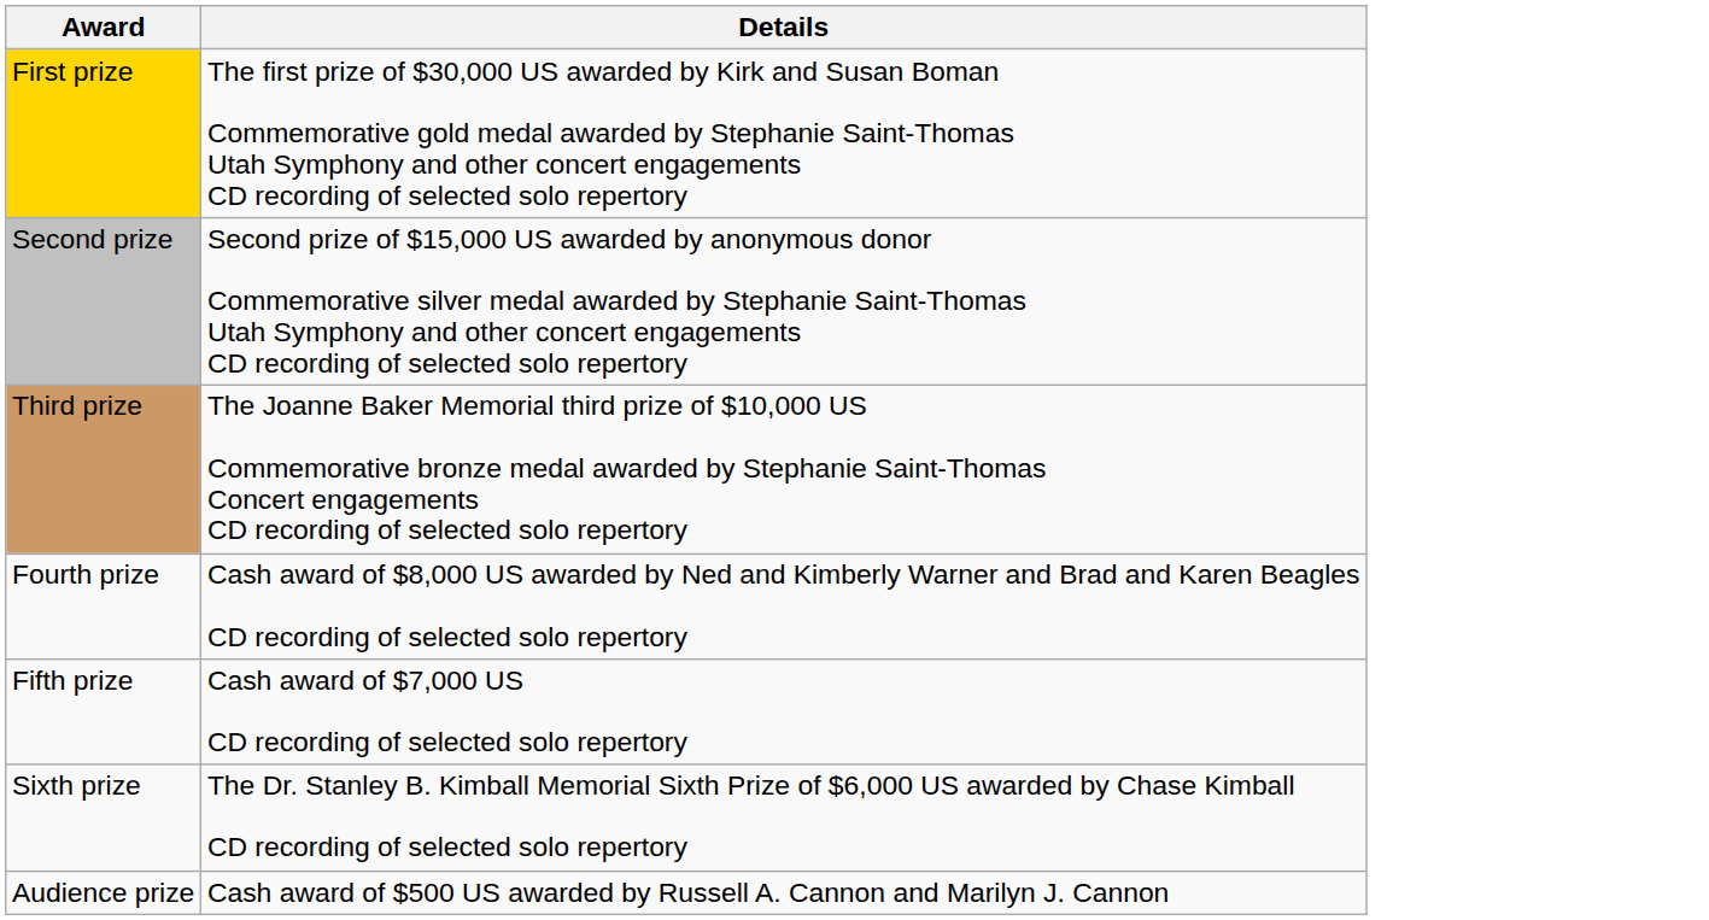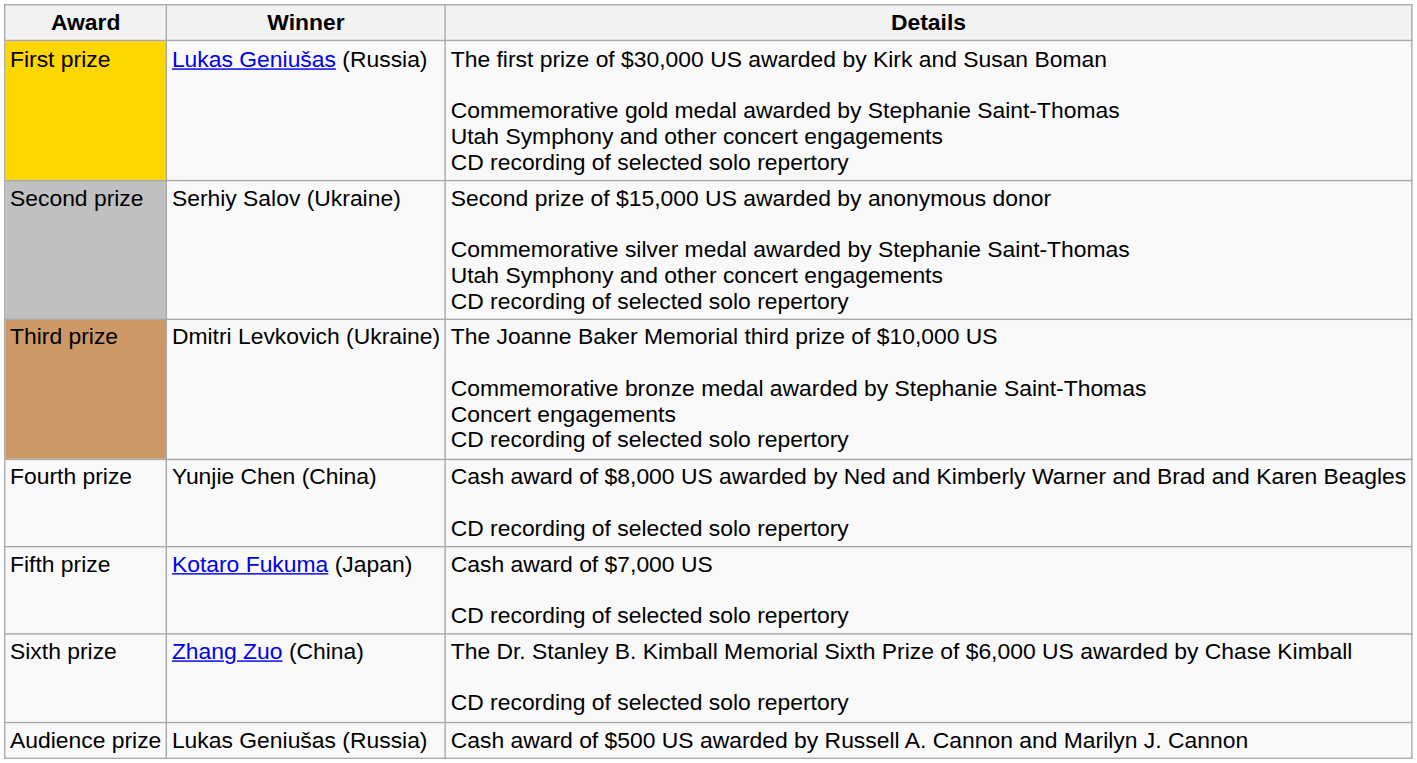 <table class="wikitable">
 <tr>
 <th>Award</th>
+<th>Winner</th>
 <th>Details</th>
 </tr>
 <tr>
 <td style="vertical-align:top; background:gold;">First prize</td>
+<td valign="top"><a href='#'>Lukas Geniušas</a> (Russia)</td>
 <td>The first prize of $30,000 US awarded by Kirk and Susan Boman<br><br>Commemorative gold medal awarded by Stephanie Saint-Thomas<br> Utah Symphony and other concert engagements<br> CD recording of selected solo repertory</td>
 </tr>
 <tr>
 <td style="vertical-align:top; background:silver;">Second prize</td>
+<td valign="top">Serhiy Salov (Ukraine)</td>
 <td>Second prize of $15,000 US awarded by anonymous donor<br><br>Commemorative silver medal awarded by Stephanie Saint-Thomas<br> Utah Symphony and other concert engagements<br> CD recording of selected solo repertory</td>
 </tr>
 <tr>
 <td style="vertical-align:top; background:#c96;">Third prize</td>
+<td valign="top">Dmitri Levkovich (Ukraine)</td>
 <td>The Joanne Baker Memorial third prize of $10,000 US<br><br>Commemorative bronze medal awarded by Stephanie Saint-Thomas<br> Concert engagements<br> CD recording of selected solo repertory</td>
 </tr>
 <tr>
 <td valign="top">Fourth prize</td>
+<td valign="top">Yunjie Chen (China)</td>
 <td>Cash award of $8,000 US awarded by Ned and Kimberly Warner and Brad and Karen Beagles<br><br>CD recording of selected solo repertory</td>
 </tr>
 <tr>
 <td valign="top">Fifth prize</td>
+<td valign="top"><a href='#'>Kotaro Fukuma</a> (Japan)</td>
 <td>Cash award of $7,000 US<br><br>CD recording of selected solo repertory</td>
 </tr>
 <tr>
 <td valign="top">Sixth prize</td>
+<td valign="top"><a href='#'>Zhang Zuo</a> (China)</td>
 <td>The Dr. Stanley B. Kimball Memorial Sixth Prize of $6,000 US awarded by Chase Kimball<br><br>CD recording of selected solo repertory</td>
 </tr>
 <tr>
 <td valign="top">Audience prize</td>
+<td valign="top">Lukas Geniušas (Russia)</td>
 <td>Cash award of $500 US awarded by Russell A. Cannon and Marilyn J. Cannon</td>
 </tr>
 </table>
